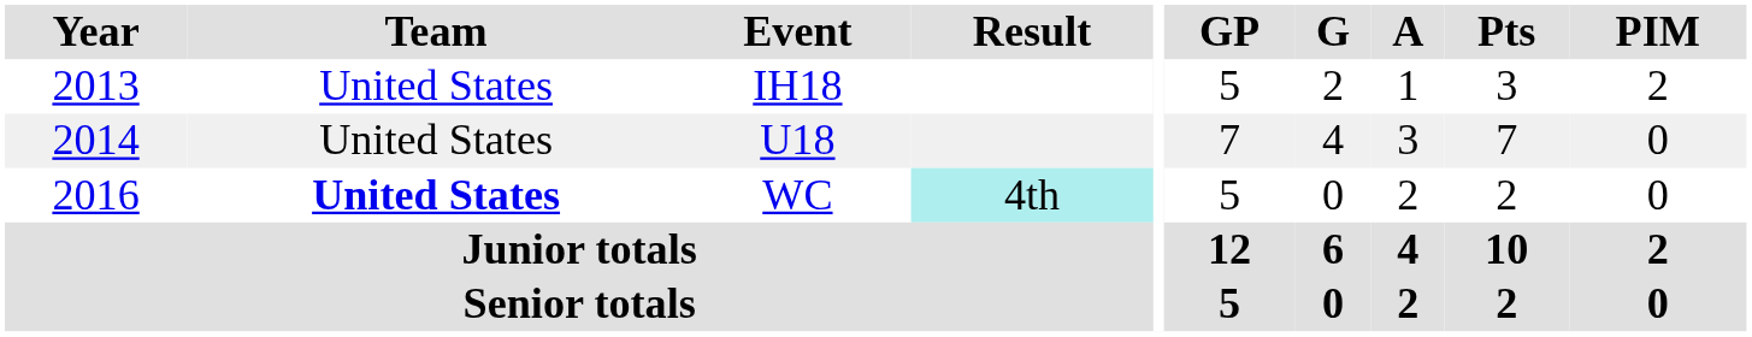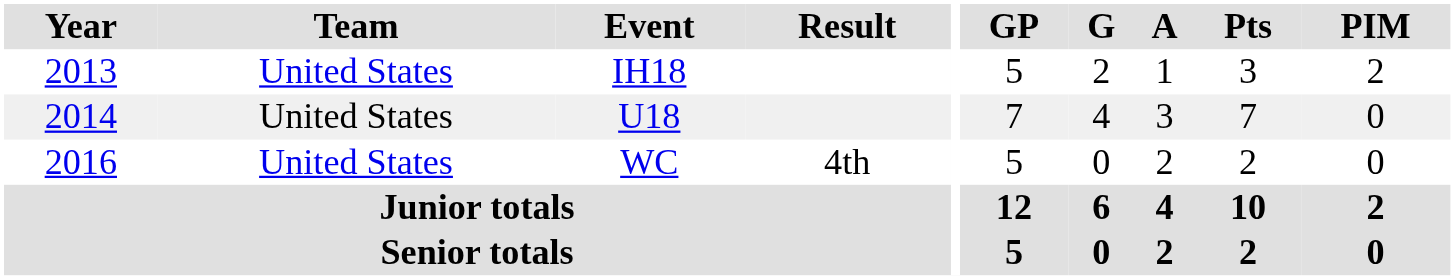 <table border="0" cellpadding="1" cellspacing="0" ID="Table3" style="text-align:center; width:40em">
 <tr ALIGN="center" bgcolor="#e0e0e0">
 <th>Year</th>
 <th>Team</th>
 <th>Event</th>
 <th>Result</th>
 <th rowspan="99" bgcolor="#ffffff"></th>
 <th>GP</th>
 <th>G</th>
 <th>A</th>
 <th>Pts</th>
 <th>PIM</th>
 </tr>
 <tr>
 <td><a href='#'>2013</a></td>
 <td><a href='#'>United States</a></td>
 <td><a href='#'>IH18</a></td>
 <td></td>
 <td>5</td>
 <td>2</td>
 <td>1</td>
 <td>3</td>
 <td>2</td>
 </tr>
 <tr bgcolor="#f0f0f0">
 <td><a href='#'>2014</a></td>
 <td>United States</td>
 <td><a href='#'>U18</a></td>
 <td></td>
 <td>7</td>
 <td>4</td>
 <td>3</td>
 <td>7</td>
 <td>0</td>
 </tr>
 <tr>
 <td><a href='#'>2016</a></td>
-<td><strong><a href='#'>United States</a></strong></td>
+<td><a href='#'>United States</a></td>
 <td><a href='#'>WC</a></td>
-<td style="background: paleturquoise;">4th</td>
+<td>4th</td>
 <td>5</td>
 <td>0</td>
 <td>2</td>
 <td>2</td>
 <td>0</td>
 </tr>
 <tr bgcolor="#e0e0e0">
 <th colspan="4">Junior totals</th>
 <th>12</th>
 <th>6</th>
 <th>4</th>
 <th>10</th>
 <th>2</th>
 </tr>
 <tr bgcolor="#e0e0e0">
 <th colspan="4">Senior totals</th>
 <th>5</th>
 <th>0</th>
 <th>2</th>
 <th>2</th>
 <th>0</th>
 </tr>
 </table>
